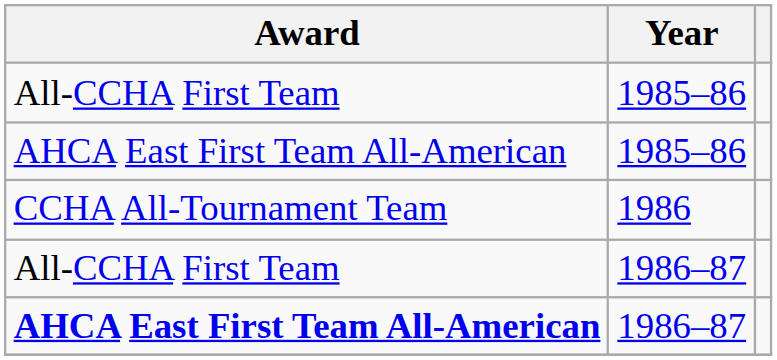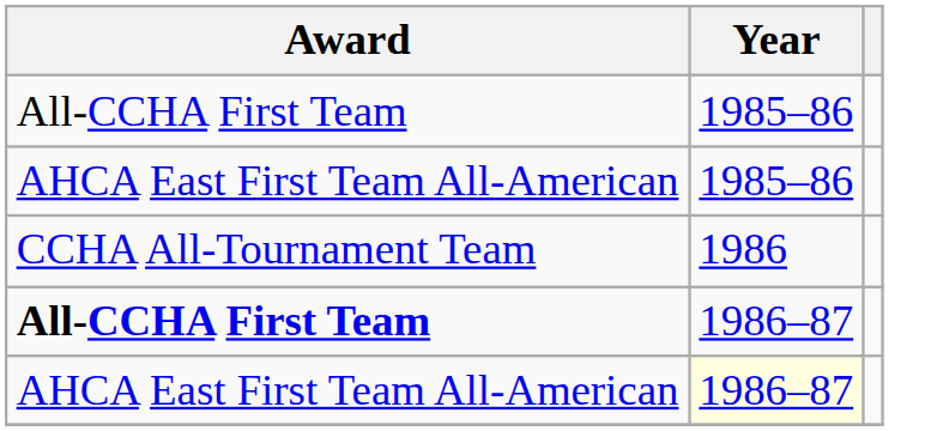 <table class="wikitable">
 <tr>
 <th>Award</th>
 <th>Year</th>
 <th></th>
 </tr>
 <tr>
 <td>All-<a href='#'>CCHA</a> <a href='#'>First Team</a></td>
 <td><a href='#'>1985–86</a></td>
 <td></td>
 </tr>
 <tr>
 <td><a href='#'>AHCA</a> <a href='#'>East First Team All-American</a></td>
 <td><a href='#'>1985–86</a></td>
 <td></td>
 </tr>
 <tr>
 <td><a href='#'>CCHA</a> <a href='#'>All-Tournament Team</a></td>
 <td><a href='#'>1986</a></td>
 <td></td>
 </tr>
 <tr>
-<td>All-<a href='#'>CCHA</a> <a href='#'>First Team</a></td>
+<td><strong>All-<a href='#'>CCHA</a> <a href='#'>First Team</a></strong></td>
 <td><a href='#'>1986–87</a></td>
 <td></td>
 </tr>
 <tr>
-<td><strong><a href='#'>AHCA</a> <a href='#'>East First Team All-American</a></strong></td>
-<td><a href='#'>1986–87</a></td>
+<td><a href='#'>AHCA</a> <a href='#'>East First Team All-American</a></td>
+<td style="background: lightyellow;"><a href='#'>1986–87</a></td>
 <td></td>
 </tr>
 <tr>
 </tr>
 </table>
